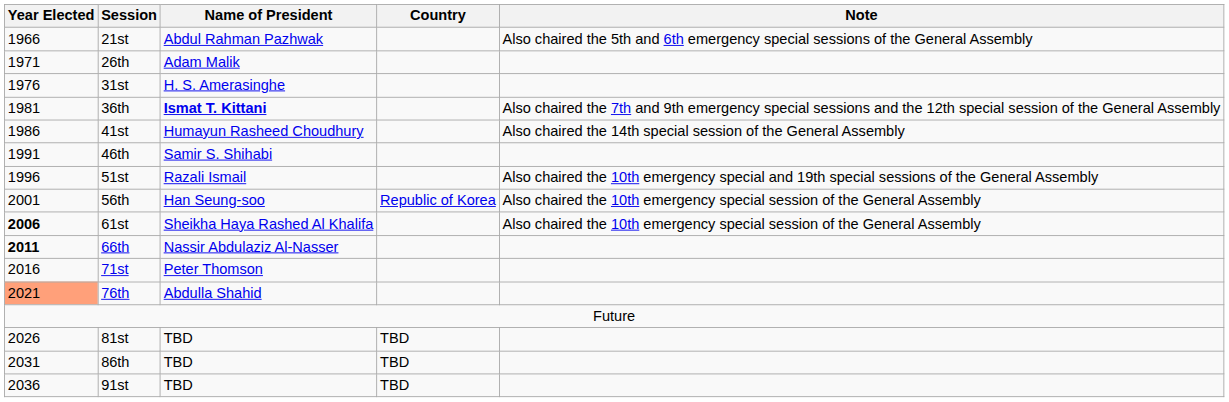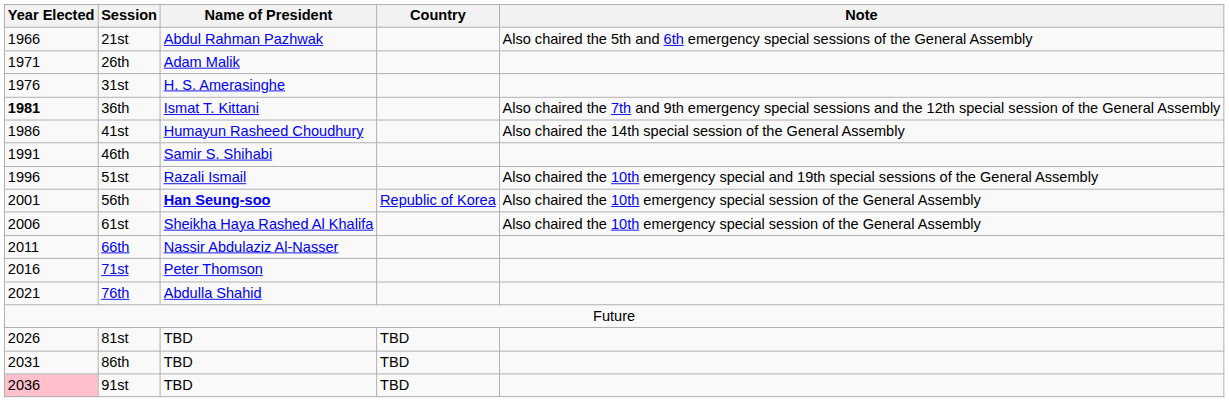 <table class="wikitable sortable">
 <tr>
 <th>Year Elected</th>
 <th>Session</th>
 <th>Name of President</th>
 <th>Country</th>
 <th>Note</th>
 </tr>
 <tr>
 <td>1966</td>
 <td>21st</td>
 <td><a href='#'>Abdul Rahman Pazhwak</a></td>
 <td></td>
 <td>Also chaired the 5th and <a href='#'>6th</a> emergency special sessions of the General Assembly</td>
 </tr>
 <tr>
 <td>1971</td>
 <td>26th</td>
 <td><a href='#'>Adam Malik</a></td>
 <td></td>
 <td></td>
 </tr>
 <tr>
 <td>1976</td>
 <td>31st</td>
 <td><a href='#'>H. S. Amerasinghe</a></td>
 <td></td>
 <td></td>
 </tr>
 <tr>
-<td>1981</td>
+<td><strong>1981</strong></td>
 <td>36th</td>
-<td><strong><a href='#'>Ismat T. Kittani</a></strong></td>
+<td><a href='#'>Ismat T. Kittani</a></td>
 <td></td>
 <td>Also chaired the <a href='#'>7th</a> and 9th emergency special sessions and the 12th special session of the General Assembly</td>
 </tr>
 <tr>
 <td>1986</td>
 <td>41st</td>
 <td><a href='#'>Humayun Rasheed Choudhury</a></td>
 <td></td>
 <td>Also chaired the 14th special session of the General Assembly</td>
 </tr>
 <tr>
 <td>1991</td>
 <td>46th</td>
 <td><a href='#'>Samir S. Shihabi</a></td>
 <td></td>
 <td></td>
 </tr>
 <tr>
 <td>1996</td>
 <td>51st</td>
 <td><a href='#'>Razali Ismail</a></td>
 <td></td>
 <td>Also chaired the <a href='#'>10th</a> emergency special and 19th special sessions of the General Assembly</td>
 </tr>
 <tr>
 <td>2001</td>
 <td>56th</td>
-<td><a href='#'>Han Seung-soo</a></td>
+<td><strong><a href='#'>Han Seung-soo</a></strong></td>
 <td> <a href='#'>Republic of Korea</a></td>
 <td>Also chaired the <a href='#'>10th</a> emergency special session of the General Assembly</td>
 </tr>
 <tr>
-<td><strong>2006</strong></td>
+<td>2006</td>
 <td>61st</td>
 <td><a href='#'>Sheikha Haya Rashed Al Khalifa</a></td>
 <td></td>
 <td>Also chaired the <a href='#'>10th</a> emergency special session of the General Assembly</td>
 </tr>
 <tr>
-<td><strong>2011</strong></td>
+<td>2011</td>
 <td><a href='#'>66th</a></td>
 <td><a href='#'>Nassir Abdulaziz Al-Nasser</a></td>
 <td></td>
 <td></td>
 </tr>
 <tr>
 <td>2016</td>
 <td><a href='#'>71st</a></td>
 <td><a href='#'>Peter Thomson</a></td>
 <td></td>
 <td></td>
 </tr>
 <tr>
-<td style="background: lightsalmon;">2021</td>
+<td>2021</td>
 <td><a href='#'>76th</a></td>
 <td><a href='#'>Abdulla Shahid</a></td>
 <td></td>
 <td></td>
 </tr>
 <tr>
 <td colspan="5" style="text-align: center;">Future</td>
 </tr>
 <tr>
 <td>2026</td>
 <td>81st</td>
 <td>TBD</td>
 <td>TBD</td>
 <td></td>
 </tr>
 <tr>
 <td>2031</td>
 <td>86th</td>
 <td>TBD</td>
 <td>TBD</td>
 <td></td>
 </tr>
 <tr>
-<td>2036</td>
+<td style="background: pink;">2036</td>
 <td>91st</td>
 <td>TBD</td>
 <td>TBD</td>
 <td></td>
 </tr>
 </table>
